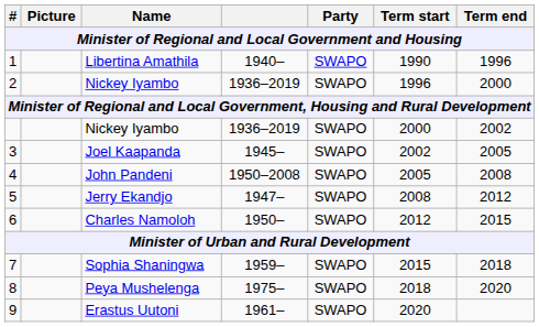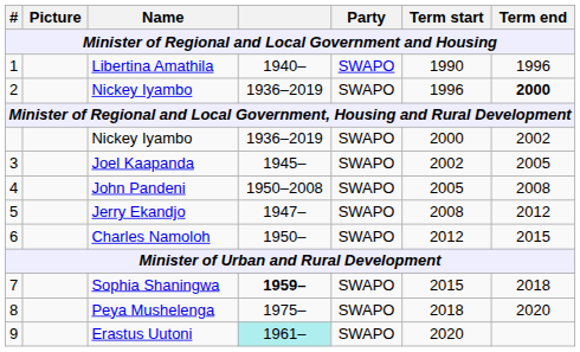 <table class="wikitable" style="text-align:center;">
 <tr>
 <th>#</th>
 <th>Picture</th>
 <th>Name</th>
 <th></th>
 <th>Party</th>
 <th>Term start</th>
 <th>Term end</th>
 </tr>
 <tr>
 <th style="background:#EEEEFF" align="center" colspan="7"><em>Minister of Regional and Local Government and Housing</em></th>
 </tr>
 <tr>
 <td>1</td>
 <td></td>
 <td style="text-align:left;"><a href='#'>Libertina Amathila</a></td>
 <td>1940–</td>
 <td><a href='#'>SWAPO</a></td>
 <td>1990</td>
 <td>1996</td>
 </tr>
 <tr>
 <td>2</td>
 <td></td>
 <td style="text-align:left;"><a href='#'>Nickey Iyambo</a></td>
 <td>1936–2019</td>
 <td>SWAPO</td>
 <td>1996</td>
-<td>2000</td>
+<td><strong>2000</strong></td>
 </tr>
 <tr>
 <th style="background:#EEEEFF" align="center" colspan="7"><em>Minister of Regional and Local Government, Housing and Rural Development</em></th>
 </tr>
 <tr>
 <td></td>
 <td></td>
 <td style="text-align:left;">Nickey Iyambo</td>
 <td>1936–2019</td>
 <td>SWAPO</td>
 <td>2000</td>
 <td>2002</td>
 </tr>
 <tr>
 <td>3</td>
 <td></td>
 <td style="text-align:left;"><a href='#'>Joel Kaapanda</a></td>
 <td>1945–</td>
 <td>SWAPO</td>
 <td>2002</td>
 <td>2005</td>
 </tr>
 <tr>
 <td>4</td>
 <td></td>
 <td style="text-align:left;"><a href='#'>John Pandeni</a></td>
 <td>1950–2008</td>
 <td>SWAPO</td>
 <td>2005</td>
 <td>2008</td>
 </tr>
 <tr>
 <td>5</td>
 <td></td>
 <td style="text-align:left;"><a href='#'>Jerry Ekandjo</a></td>
 <td>1947–</td>
 <td>SWAPO</td>
 <td>2008</td>
 <td>2012</td>
 </tr>
 <tr>
 <td>6</td>
 <td></td>
 <td style="text-align:left;"><a href='#'>Charles Namoloh</a></td>
 <td>1950–</td>
 <td>SWAPO</td>
 <td>2012</td>
 <td>2015</td>
 </tr>
 <tr>
 <th style="background:#EEEEFF" align="center" colspan="7"><em>Minister of Urban and Rural Development</em></th>
 </tr>
 <tr>
 <td>7</td>
 <td></td>
 <td style="text-align:left;"><a href='#'>Sophia Shaningwa</a></td>
-<td>1959–</td>
+<td><strong>1959–</strong></td>
 <td>SWAPO</td>
 <td>2015</td>
 <td>2018</td>
 </tr>
 <tr>
 <td>8</td>
 <td></td>
 <td style="text-align:left;"><a href='#'>Peya Mushelenga</a></td>
 <td>1975–</td>
 <td>SWAPO</td>
 <td>2018</td>
 <td>2020</td>
 </tr>
 <tr>
 <td>9</td>
 <td></td>
 <td style="text-align:left;"><a href='#'>Erastus Uutoni</a></td>
-<td>1961–</td>
+<td style="background: paleturquoise;">1961–</td>
 <td>SWAPO</td>
 <td>2020</td>
 <td></td>
 </tr>
 </table>
